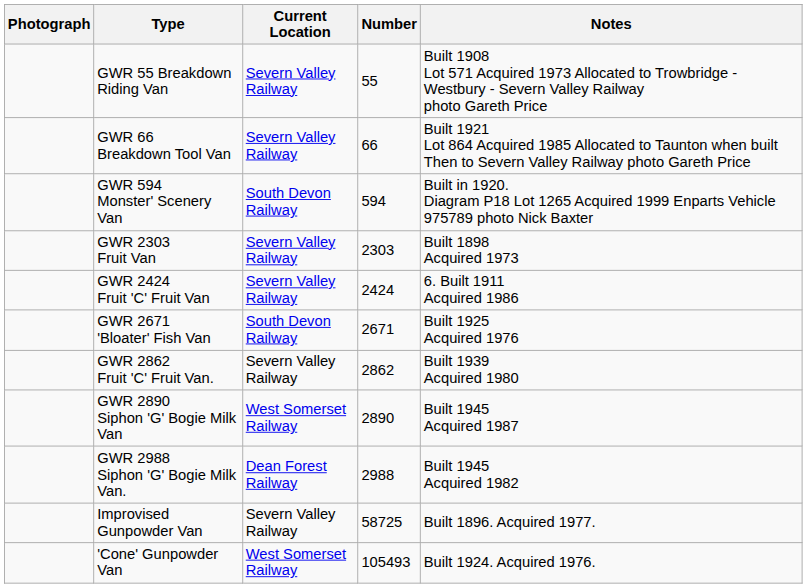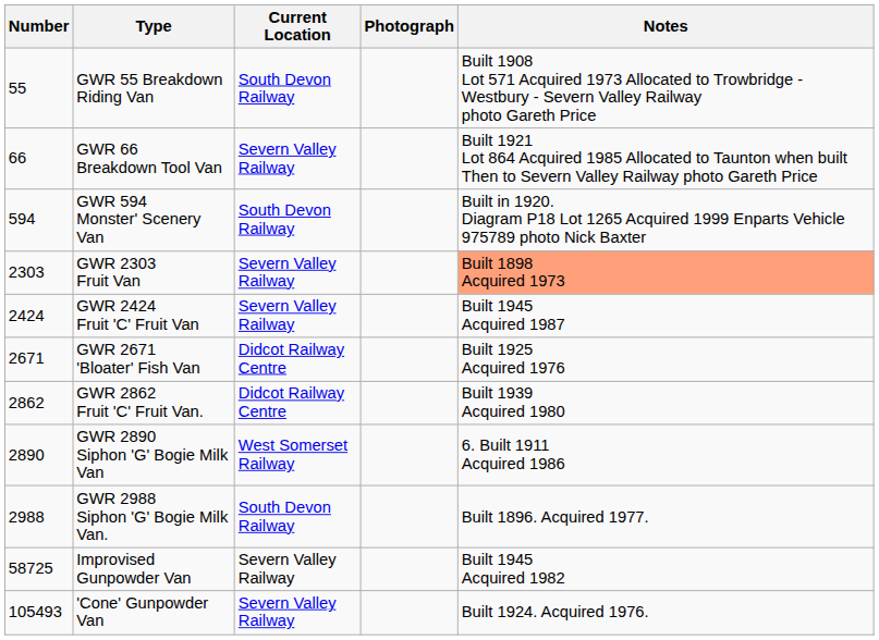 <table class="wikitable">
 <tr>
-<th>Photograph</th>
+<th>Number</th>
 <th>Type</th>
 <th>Current Location</th>
-<th>Number</th>
+<th>Photograph</th>
 <th>Notes</th>
 </tr>
 <tr>
+<td>55</td>
+<td>GWR 55 Breakdown Riding Van</td>
+<td><a href='#'>South Devon Railway</a></td>
 <td></td>
-<td>GWR 55 Breakdown Riding Van</td>
-<td><a href='#'>Severn Valley Railway</a></td>
-<td>55</td>
 <td>Built 1908<br>Lot 571  Acquired 1973  Allocated to Trowbridge  - Westbury - Severn Valley Railway<br>photo Gareth Price</td>
 </tr>
 <tr>
-<td></td>
+<td>66</td>
 <td>GWR 66<br>Breakdown Tool Van</td>
 <td><a href='#'>Severn Valley Railway</a></td>
-<td>66</td>
+<td></td>
 <td>Built 1921<br>Lot 864 Acquired 1985 Allocated to Taunton when built Then to Severn Valley Railway photo Gareth Price</td>
 </tr>
 <tr>
-<td></td>
+<td>594</td>
 <td>GWR 594<br>Monster' Scenery Van</td>
 <td><a href='#'>South Devon Railway</a></td>
-<td>594</td>
+<td></td>
 <td>Built in 1920.<br>Diagram P18 Lot 1265 Acquired 1999 Enparts Vehicle 975789 photo Nick Baxter</td>
 </tr>
 <tr>
-<td></td>
+<td>2303</td>
 <td>GWR 2303<br>Fruit Van</td>
 <td><a href='#'>Severn Valley Railway</a></td>
-<td>2303</td>
-<td> Built 1898<br>Acquired 1973</td>
+<td></td>
+<td style="background: lightsalmon;"> Built 1898<br>Acquired 1973</td>
 </tr>
 <tr>
-<td></td>
+<td>2424</td>
 <td>GWR 2424<br>Fruit 'C' Fruit Van</td>
 <td><a href='#'>Severn Valley Railway</a></td>
-<td>2424</td>
+<td></td>
+<td> Built 1945<br>Acquired 1987</td>
+</tr>
+<tr>
+<td>2671</td>
+<td>GWR 2671<br>'Bloater' Fish Van</td>
+<td><a href='#'>Didcot Railway Centre</a></td>
+<td></td>
+<td>Built 1925<br>Acquired 1976</td>
+</tr>
+<tr>
+<td>2862</td>
+<td>GWR 2862<br>Fruit 'C' Fruit Van.</td>
+<td><a href='#'>Didcot Railway Centre</a></td>
+<td></td>
+<td>Built 1939<br>Acquired 1980</td>
+</tr>
+<tr>
+<td>2890</td>
+<td>GWR 2890<br>Siphon 'G' Bogie Milk Van</td>
+<td><a href='#'>West Somerset Railway</a></td>
+<td></td>
 <td>6. Built 1911<br>Acquired 1986</td>
 </tr>
 <tr>
+<td>2988</td>
+<td>GWR 2988<br>Siphon 'G' Bogie Milk Van.</td>
+<td><a href='#'>South Devon Railway</a></td>
 <td></td>
-<td>GWR 2671<br>'Bloater' Fish Van</td>
-<td><a href='#'>South Devon Railway</a></td>
-<td>2671</td>
-<td>Built 1925<br>Acquired 1976</td>
+<td>Built 1896. Acquired 1977.</td>
 </tr>
 <tr>
+<td>58725</td>
+<td>Improvised Gunpowder Van</td>
+<td>Severn Valley Railway</td>
 <td></td>
-<td>GWR 2862<br>Fruit 'C' Fruit Van.</td>
-<td>Severn Valley Railway</td>
-<td>2862</td>
-<td>Built 1939<br>Acquired 1980</td>
-</tr>
-<tr>
-<td></td>
-<td>GWR 2890<br>Siphon 'G' Bogie Milk Van</td>
-<td><a href='#'>West Somerset Railway</a></td>
-<td>2890</td>
-<td> Built 1945<br>Acquired 1987</td>
-</tr>
-<tr>
-<td></td>
-<td>GWR 2988<br>Siphon 'G' Bogie Milk Van.</td>
-<td><a href='#'>Dean Forest Railway</a></td>
-<td>2988</td>
 <td>Built 1945<br>Acquired 1982</td>
 </tr>
 <tr>
+<td>105493</td>
+<td>'Cone' Gunpowder Van</td>
+<td><a href='#'>Severn Valley Railway</a></td>
 <td></td>
-<td>Improvised Gunpowder Van</td>
-<td>Severn Valley Railway</td>
-<td>58725</td>
-<td>Built 1896. Acquired 1977.</td>
-</tr>
-<tr>
-<td></td>
-<td>'Cone' Gunpowder Van</td>
-<td><a href='#'>West Somerset Railway</a></td>
-<td>105493</td>
 <td>Built 1924. Acquired 1976.</td>
 </tr>
 </table>
